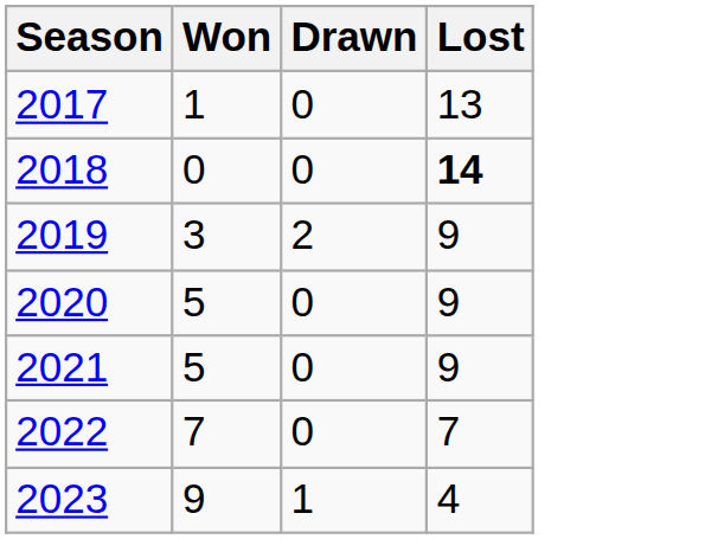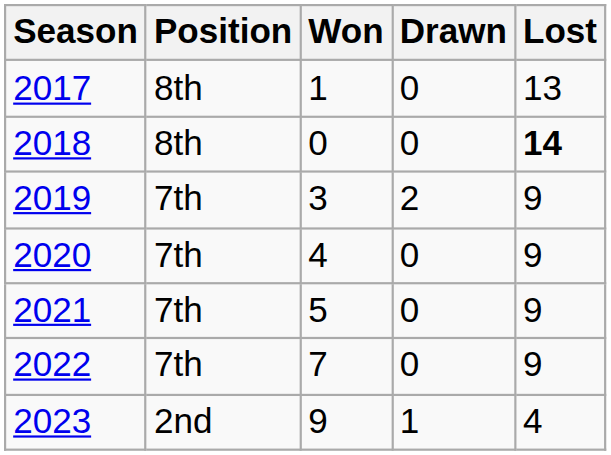 <table class="wikitable collapsible">
 <tr>
 <th>Season</th>
+<th>Position</th>
 <th>Won</th>
 <th>Drawn</th>
 <th>Lost</th>
 </tr>
 <tr>
 <td><a href='#'>2017</a></td>
+<td>8th</td>
 <td>1</td>
 <td>0</td>
 <td>13</td>
 </tr>
 <tr>
 <td><a href='#'>2018</a></td>
+<td>8th</td>
 <td>0</td>
 <td>0</td>
 <td><strong>14</strong></td>
 </tr>
 <tr>
 <td><a href='#'>2019</a></td>
+<td>7th</td>
 <td>3</td>
 <td>2</td>
 <td>9</td>
 </tr>
 <tr>
 <td><a href='#'>2020</a></td>
-<td>5</td>
+<td>7th</td>
+<td>4</td>
 <td>0</td>
 <td>9</td>
 </tr>
 <tr>
 <td><a href='#'>2021</a></td>
+<td>7th</td>
 <td>5</td>
 <td>0</td>
 <td>9</td>
 </tr>
 <tr>
 <td><a href='#'>2022</a></td>
+<td>7th</td>
 <td>7</td>
 <td>0</td>
-<td>7</td>
+<td>9</td>
 </tr>
 <tr style="background-color:#">
 <td><a href='#'>2023</a></td>
+<td>2nd</td>
 <td>9</td>
 <td>1</td>
 <td>4</td>
 </tr>
 </table>
